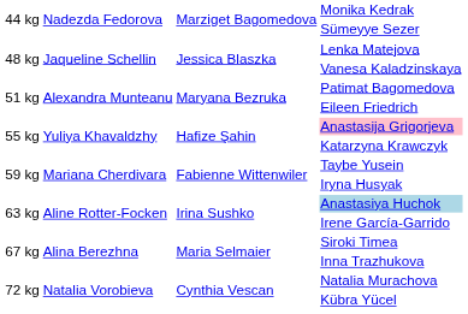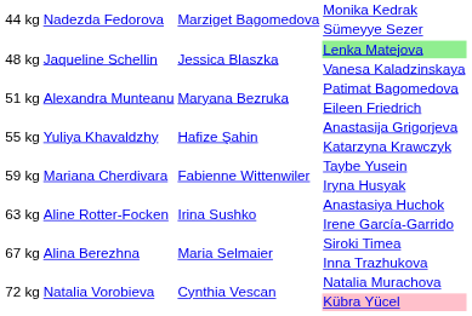 <table>
 <tr>
 <td rowspan=2>44 kg</td>
 <td rowspan=2> <a href='#'>Nadezda Fedorova</a></td>
 <td rowspan=2> <a href='#'>Marziget Bagomedova</a></td>
 <td> <a href='#'>Monika Kedrak</a></td>
 </tr>
 <tr>
 <td> <a href='#'>Sümeyye Sezer</a></td>
 </tr>
 <tr>
 <td rowspan=2>48 kg</td>
 <td rowspan=2> <a href='#'>Jaqueline Schellin</a></td>
 <td rowspan=2> <a href='#'>Jessica Blaszka</a></td>
-<td> <a href='#'>Lenka Matejova</a></td>
+<td style="background: lightgreen;"> <a href='#'>Lenka Matejova</a></td>
 </tr>
 <tr>
 <td> <a href='#'>Vanesa Kaladzinskaya</a></td>
 </tr>
 <tr>
 <td rowspan=2>51 kg</td>
 <td rowspan=2> <a href='#'>Alexandra Munteanu</a></td>
 <td rowspan=2> <a href='#'>Maryana Bezruka</a></td>
 <td> <a href='#'>Patimat Bagomedova</a></td>
 </tr>
 <tr>
 <td> <a href='#'>Eileen Friedrich</a></td>
 </tr>
 <tr>
 <td rowspan=2>55 kg</td>
 <td rowspan=2> <a href='#'>Yuliya Khavaldzhy</a></td>
 <td rowspan=2> <a href='#'>Hafize Şahin</a></td>
-<td style="background: pink;"> <a href='#'>Anastasija Grigorjeva</a></td>
+<td> <a href='#'>Anastasija Grigorjeva</a></td>
 </tr>
 <tr>
 <td> <a href='#'>Katarzyna Krawczyk</a></td>
 </tr>
 <tr>
 <td rowspan=2>59 kg</td>
 <td rowspan=2> <a href='#'>Mariana Cherdivara</a></td>
 <td rowspan=2> <a href='#'>Fabienne Wittenwiler</a></td>
 <td> <a href='#'>Taybe Yusein</a></td>
 </tr>
 <tr>
 <td> <a href='#'>Iryna Husyak</a></td>
 </tr>
 <tr>
 <td rowspan=2>63 kg</td>
 <td rowspan=2> <a href='#'>Aline Rotter-Focken</a></td>
 <td rowspan=2> <a href='#'>Irina Sushko</a></td>
-<td style="background: lightblue;"> <a href='#'>Anastasiya Huchok</a></td>
+<td> <a href='#'>Anastasiya Huchok</a></td>
 </tr>
 <tr>
 <td> <a href='#'>Irene García-Garrido</a></td>
 </tr>
 <tr>
 <td rowspan=2>67 kg</td>
 <td rowspan=2> <a href='#'>Alina Berezhna</a></td>
 <td rowspan=2> <a href='#'>Maria Selmaier</a></td>
 <td> <a href='#'>Siroki Timea</a></td>
 </tr>
 <tr>
 <td> <a href='#'>Inna Trazhukova</a></td>
 </tr>
 <tr>
 <td rowspan=2>72 kg</td>
 <td rowspan=2> <a href='#'>Natalia Vorobieva</a></td>
 <td rowspan=2> <a href='#'>Cynthia Vescan</a></td>
 <td> <a href='#'>Natalia Murachova</a></td>
 </tr>
 <tr>
-<td> <a href='#'>Kübra Yücel</a></td>
+<td style="background: pink;"> <a href='#'>Kübra Yücel</a></td>
 </tr>
 </table>
